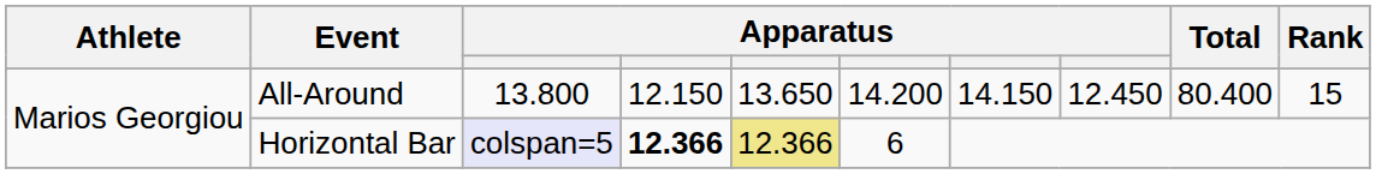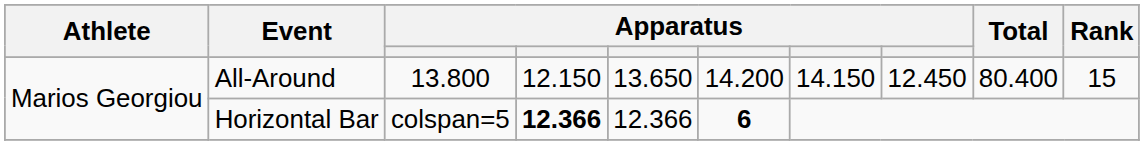 <table class="wikitable" style="font-size:90%">
 <tr>
 <th rowspan=2>Athlete</th>
 <th rowspan=2>Event</th>
 <th colspan=6>Apparatus</th>
 <th rowspan=2>Total</th>
 <th rowspan=2>Rank</th>
 </tr>
 <tr style="font-size:95%">
 <th></th>
 <th></th>
 <th></th>
 <th></th>
 <th></th>
 <th></th>
 </tr>
 <tr align=center>
 <td align=left rowspan=2>Marios Georgiou</td>
 <td align=left>All-Around</td>
 <td>13.800</td>
 <td>12.150</td>
 <td>13.650</td>
 <td>14.200</td>
 <td>14.150</td>
 <td>12.450</td>
 <td>80.400</td>
 <td>15</td>
 </tr>
 <tr align=center>
 <td align=left>Horizontal Bar</td>
-<td style="background: lavender;">colspan=5 </td>
+<td>colspan=5 </td>
 <td><strong>12.366</strong></td>
-<td style="background: khaki;">12.366</td>
-<td>6</td>
+<td>12.366</td>
+<td><strong>6</strong></td>
 </tr>
 </table>
